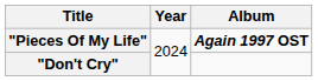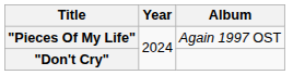 <table class="wikitable plainrowheaders" style="text-align:center">
 <tr>
 <th scope="col">Title</th>
 <th scope="col">Year</th>
 <th>Album</th>
 </tr>
 <tr>
 <th scope="row">"Pieces Of My Life"<br></th>
 <td rowspan="2">2024</td>
-<td><strong><em>Again 1997</em> OST</strong></td>
+<td><em>Again 1997</em> OST</td>
 </tr>
 <tr>
 <th scope="row">"Don't Cry"</th>
 <td></td>
 </tr>
 </table>
